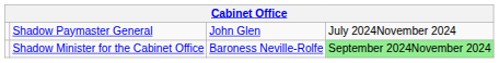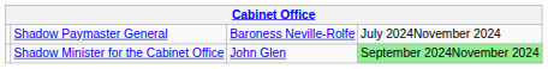 <table class="wikitable">
 <tr>
 <th colspan="5"><a href='#'>Cabinet Office</a></th>
 </tr>
 <tr>
 <td style="background: "></td>
 <td style="width: 450px:"><a href='#'>Shadow Paymaster General</a></td>
-<td><a href='#'>John Glen</a></td>
+<td><a href='#'>Baroness Neville-Rolfe</a></td>
 <td>July 2024November 2024</td>
 </tr>
 <tr>
 <td style="background: "></td>
 <td style="width:n 450px:"><a href='#'>Shadow Minister for the Cabinet Office</a></td>
-<td><a href='#'>Baroness Neville-Rolfe</a></td>
+<td><a href='#'>John Glen</a></td>
 <td style="background: lightgreen;">September 2024November 2024</td>
 </tr>
 </table>
